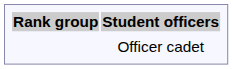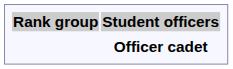 <table style="border:1px solid #8888aa; background-color:#f7f8ff; padding:5px; font-size:95%; margin: 0px 12px 12px 0px; text-align:center;">
 <tr bgcolor="#CCCCCC">
 <th>Rank group</th>
 <th>Student officers</th>
 </tr>
 <tr style="text-align:center;">
 <td Rowspan=2><strong></strong></td>
 <td></td>
 </tr>
 <tr style="text-align:center;">
-<td>Officer cadet</td>
+<td><strong>Officer cadet</strong></td>
 </tr>
 </table>
